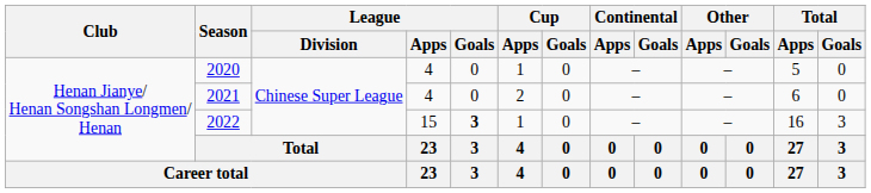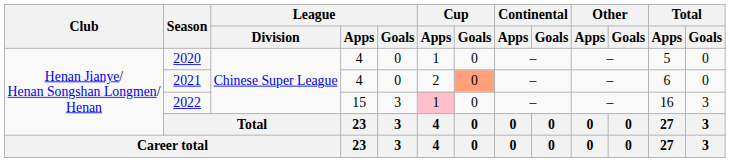 <table class="wikitable" style="text-align: center">
 <tr>
 <th rowspan="2">Club</th>
 <th rowspan="2">Season</th>
 <th colspan="3">League</th>
 <th colspan="2">Cup</th>
 <th colspan="2">Continental</th>
 <th colspan="2">Other</th>
 <th colspan="2">Total</th>
 </tr>
 <tr>
 <th>Division</th>
 <th>Apps</th>
 <th>Goals</th>
 <th>Apps</th>
 <th>Goals</th>
 <th>Apps</th>
 <th>Goals</th>
 <th>Apps</th>
 <th>Goals</th>
 <th>Apps</th>
 <th>Goals</th>
 </tr>
 <tr>
 <td rowspan=4><a href='#'>Henan Jianye</a>/<br><a href='#'>Henan Songshan Longmen</a>/<br><a href='#'>Henan</a></td>
 <td><a href='#'>2020</a></td>
 <td rowspan=3><a href='#'>Chinese Super League</a></td>
 <td>4</td>
 <td>0</td>
 <td>1</td>
 <td>0</td>
 <td colspan="2">–</td>
 <td colspan="2">–</td>
 <td>5</td>
 <td>0</td>
 </tr>
 <tr>
 <td><a href='#'>2021</a></td>
 <td>4</td>
 <td>0</td>
 <td>2</td>
-<td>0</td>
+<td style="background: lightsalmon;">0</td>
 <td colspan="2">–</td>
 <td colspan="2">–</td>
 <td>6</td>
 <td>0</td>
 </tr>
 <tr>
 <td><a href='#'>2022</a></td>
 <td>15</td>
-<td><strong>3</strong></td>
-<td>1</td>
+<td>3</td>
+<td style="background: pink;">1</td>
 <td>0</td>
 <td colspan="2">–</td>
 <td colspan="2">–</td>
 <td>16</td>
 <td>3</td>
 </tr>
 <tr>
 <th colspan="2">Total</th>
 <th>23</th>
 <th>3</th>
 <th>4</th>
 <th>0</th>
 <th>0</th>
 <th>0</th>
 <th>0</th>
 <th>0</th>
 <th>27</th>
 <th>3</th>
 </tr>
 <tr>
 <th colspan=3>Career total</th>
 <th>23</th>
 <th>3</th>
 <th>4</th>
 <th>0</th>
 <th>0</th>
 <th>0</th>
 <th>0</th>
 <th>0</th>
 <th>27</th>
 <th>3</th>
 </tr>
 </table>
